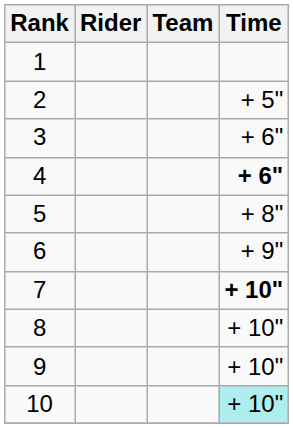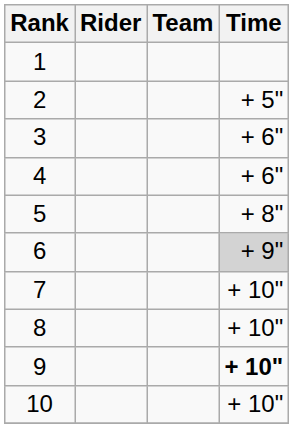 <table class="wikitable">
 <tr>
 <th>Rank</th>
 <th>Rider</th>
 <th>Team</th>
 <th>Time</th>
 </tr>
 <tr>
 <td style="text-align:center;">1</td>
 <td> </td>
 <td></td>
 <td align="right"></td>
 </tr>
 <tr>
 <td style="text-align:center;">2</td>
 <td></td>
 <td></td>
 <td align="right">+ 5"</td>
 </tr>
 <tr>
 <td style="text-align:center;">3</td>
 <td></td>
 <td></td>
 <td align="right">+ 6"</td>
 </tr>
 <tr>
 <td style="text-align:center;">4</td>
 <td> </td>
 <td></td>
-<td align="right"><strong>+ 6"</strong></td>
+<td align="right">+ 6"</td>
 </tr>
 <tr>
 <td style="text-align:center;">5</td>
 <td></td>
 <td></td>
 <td align="right">+ 8"</td>
 </tr>
 <tr>
 <td style="text-align:center;">6</td>
 <td></td>
 <td></td>
-<td align="right">+ 9"</td>
+<td align="right" style="background: lightgrey;">+ 9"</td>
 </tr>
 <tr>
 <td style="text-align:center;">7</td>
 <td></td>
 <td></td>
-<td align="right"><strong>+ 10"</strong></td>
+<td align="right">+ 10"</td>
 </tr>
 <tr>
 <td style="text-align:center;">8</td>
 <td></td>
 <td></td>
 <td align="right">+ 10"</td>
 </tr>
 <tr>
 <td style="text-align:center;">9</td>
 <td></td>
 <td></td>
-<td align="right">+ 10"</td>
+<td align="right"><strong>+ 10"</strong></td>
 </tr>
 <tr>
 <td style="text-align:center;">10</td>
 <td></td>
 <td></td>
-<td align="right" style="background: paleturquoise;">+ 10"</td>
+<td align="right">+ 10"</td>
 </tr>
 <tr>
 </tr>
 </table>
